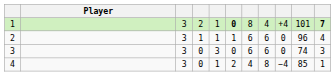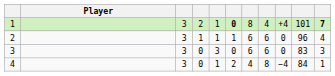 <table class="wikitable" style="text-align:center; margin: 1em auto 1em auto, align:left">
 <tr>
 <th width=20></th>
 <th width=240>Player</th>
 <th width=20></th>
 <th width=20></th>
 <th width=20></th>
 <th width=20></th>
 <th width=20></th>
 <th width=20></th>
 <th width=20></th>
 <th width=30></th>
 <th width=20></th>
 </tr>
 <tr style="background:#D0F0C0;">
 <td>1</td>
 <td align=left></td>
 <td>3</td>
 <td>2</td>
 <td>1</td>
 <td><strong>0</strong></td>
 <td>8</td>
 <td>4</td>
 <td>+4</td>
 <td>101</td>
 <td><strong>7</strong></td>
 </tr>
 <tr style=>
 <td>2</td>
 <td align=left></td>
 <td>3</td>
 <td>1</td>
 <td>1</td>
 <td>1</td>
 <td>6</td>
 <td>6</td>
 <td>0</td>
 <td>96</td>
 <td>4</td>
 </tr>
 <tr style=>
 <td>3</td>
 <td align=left></td>
 <td>3</td>
 <td>0</td>
 <td>3</td>
 <td>0</td>
 <td>6</td>
 <td>6</td>
 <td>0</td>
-<td>74</td>
+<td>83</td>
 <td>3</td>
 </tr>
 <tr style=>
 <td>4</td>
 <td align=left></td>
 <td>3</td>
 <td>0</td>
 <td>1</td>
 <td>2</td>
 <td>4</td>
 <td>8</td>
 <td>−4</td>
-<td>85</td>
+<td>84</td>
 <td>1</td>
 </tr>
 </table>
